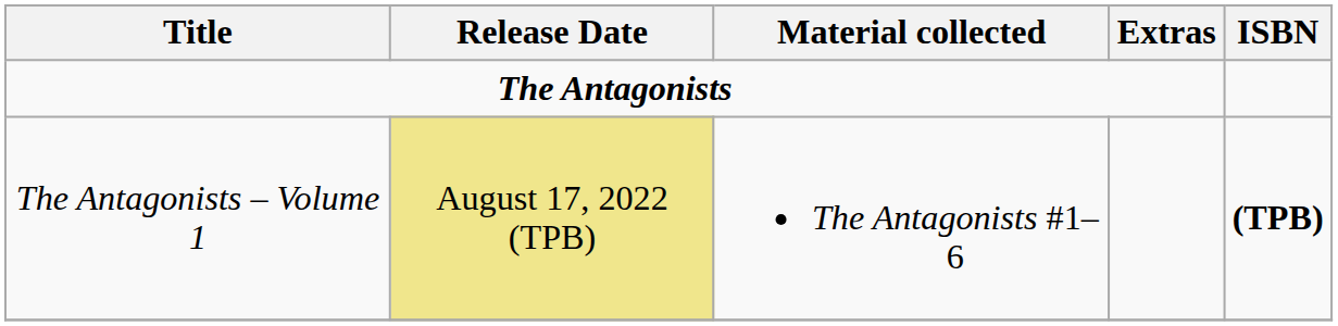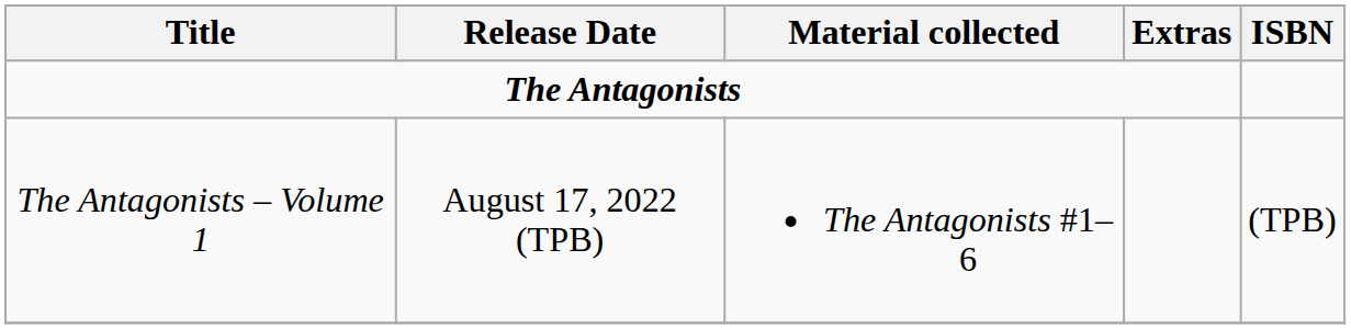 <table class="wikitable" style="text-align: center">
 <tr>
 <th>Title</th>
 <th>Release Date</th>
 <th>Material collected</th>
 <th>Extras</th>
 <th>ISBN</th>
 </tr>
 <tr>
 <td colspan=4><strong><em>The Antagonists</em></strong></td>
 </tr>
 <tr>
 <td><em>The Antagonists – Volume 1</em></td>
-<td style="background: khaki;">August 17, 2022 (TPB)</td>
+<td>August 17, 2022 (TPB)</td>
 <td><br><ul><li><em>The Antagonists</em> #1–6</li></ul></td>
 <td></td>
-<td><strong> (TPB)</strong></td>
+<td> (TPB)</td>
 </tr>
 <tr>
 </tr>
 </table>
